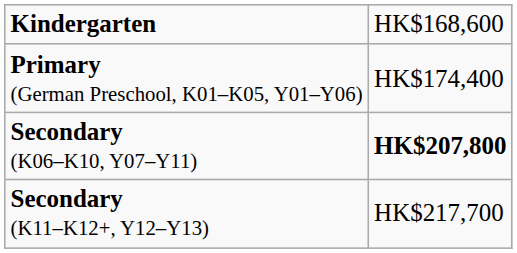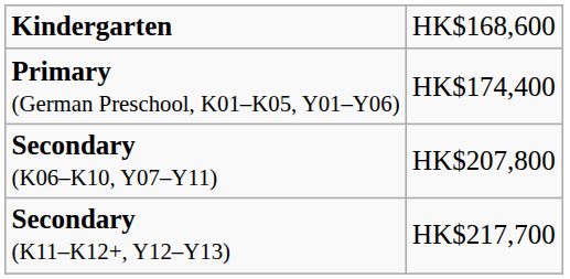 <table class="wikitable">
 <tr>
 <td><strong>Kindergarten</strong></td>
 <td>HK$168,600</td>
 </tr>
 <tr>
 <td><strong>Primary</strong><br><small>(German Preschool, K01–K05, Y01–Y06)</small></td>
 <td>HK$174,400</td>
 </tr>
 <tr>
 <td><strong>Secondary</strong><br><small>(K06–K10, Y07–Y11)</small></td>
-<td><strong>HK$207,800</strong></td>
+<td>HK$207,800</td>
 </tr>
 <tr>
 <td><strong>Secondary</strong><br><small>(K11–K12+, Y12–Y13)</small></td>
 <td>HK$217,700</td>
 </tr>
 </table>
